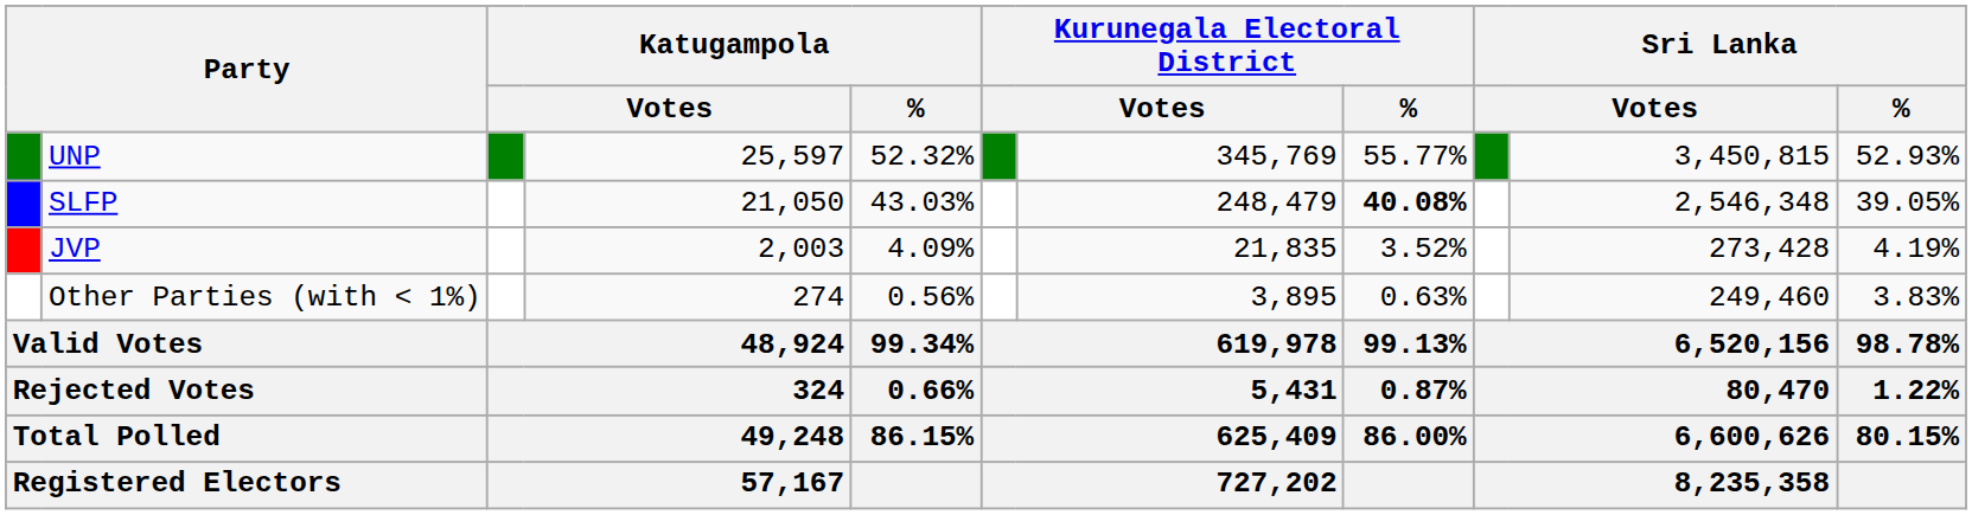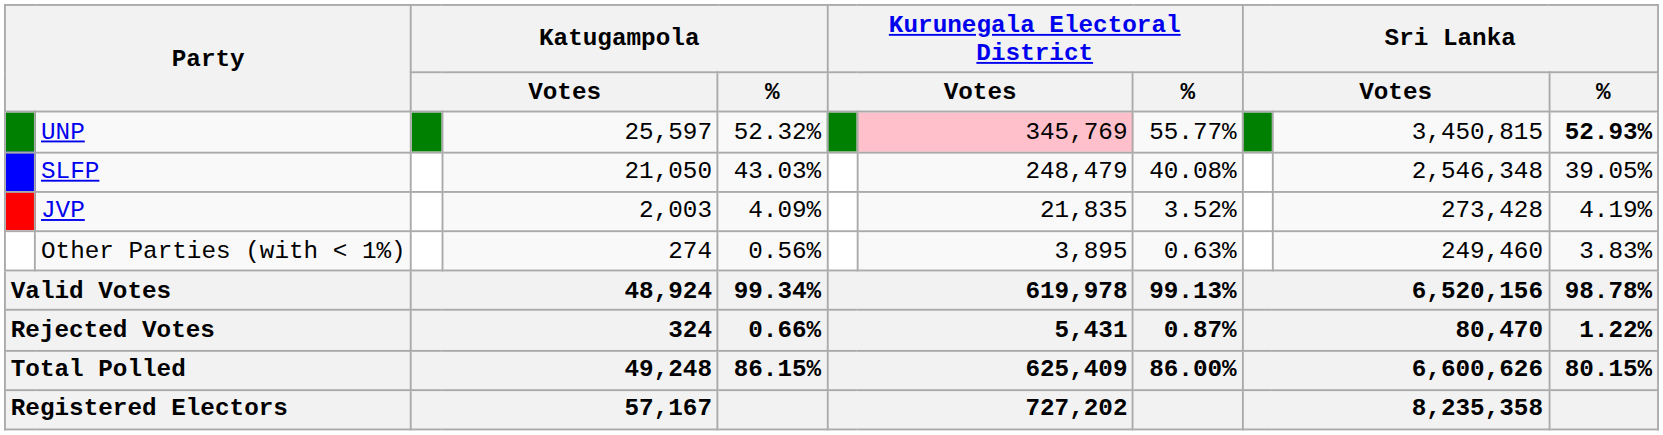 <table class="wikitable">
 <tr>
 <th colspan="2" width="144px"rowspan="2">Party</th>
 <th colspan="3" width="216px">Katugampola</th>
 <th colspan="3" width="216px"><a href='#'>Kurunegala Electoral District</a></th>
 <th colspan="3" width="216px">Sri Lanka</th>
 </tr>
 <tr>
 <th colspan="2" width="144px">Votes</th>
 <th>%</th>
 <th colspan="2" width="144px">Votes</th>
 <th>%</th>
 <th colspan="2" width="144px">Votes</th>
 <th>%</th>
 </tr>
 <tr>
 <td style="background-color:green;" width="10px"></td>
 <td style="text-align:left;"><a href='#'>UNP</a></td>
 <td style="background-color:green;" width="10px"></td>
 <td style="text-align:right;">25,597</td>
 <td style="text-align:right;">52.32%</td>
 <td style="background-color:green;" width="10px"></td>
-<td style="text-align:right;">345,769</td>
+<td style="background: pink; text-align:right;">345,769</td>
 <td style="text-align:right;">55.77%</td>
 <td style="background-color:green;" width="10px"></td>
 <td style="text-align:right;">3,450,815</td>
-<td style="text-align:right;">52.93%</td>
+<td style="text-align:right;"><strong>52.93%</strong></td>
 </tr>
 <tr>
 <td style="background-color:blue;" width="10px"></td>
 <td style="text-align:left;"><a href='#'>SLFP</a></td>
 <td style="background-color:white;" width="10px"></td>
 <td style="text-align:right;">21,050</td>
 <td style="text-align:right;">43.03%</td>
 <td style="background-color:white;" width="10px"></td>
 <td style="text-align:right;">248,479</td>
-<td style="text-align:right;"><strong>40.08%</strong></td>
+<td style="text-align:right;">40.08%</td>
 <td style="background-color:white;" width="10px"></td>
 <td style="text-align:right;">2,546,348</td>
 <td style="text-align:right;">39.05%</td>
 </tr>
 <tr>
 <td style="background-color:red;" width="10px"></td>
 <td style="text-align:left;"><a href='#'>JVP</a></td>
 <td style="background-color:white;" width="10px"></td>
 <td style="text-align:right;">2,003</td>
 <td style="text-align:right;">4.09%</td>
 <td style="background-color:white;" width="10px"></td>
 <td style="text-align:right;">21,835</td>
 <td style="text-align:right;">3.52%</td>
 <td style="background-color:white;" width="10px"></td>
 <td style="text-align:right;">273,428</td>
 <td style="text-align:right;">4.19%</td>
 </tr>
 <tr>
 <td style="background-color:white;" width="10px"></td>
 <td style="text-align:left;">Other Parties (with < 1%)</td>
 <td style="background-color:white;" width="10px"></td>
 <td style="text-align:right;">274</td>
 <td style="text-align:right;">0.56%</td>
 <td style="background-color:white;" width="10px"></td>
 <td style="text-align:right;">3,895</td>
 <td style="text-align:right;">0.63%</td>
 <td style="background-color:white;" width="10px"></td>
 <td style="text-align:right;">249,460</td>
 <td style="text-align:right;">3.83%</td>
 </tr>
 <tr>
 <th colspan="2" width="144px"style="text-align:left;">Valid Votes</th>
 <th style="text-align:right;"colspan="2" width="144px">48,924</th>
 <th style="text-align:right;">99.34%</th>
 <th style="text-align:right;"colspan="2" width="144px">619,978</th>
 <th style="text-align:right;">99.13%</th>
 <th style="text-align:right;"colspan="2" width="144px">6,520,156</th>
 <th style="text-align:right;">98.78%</th>
 </tr>
 <tr>
 <th colspan="2" width="144px"style="text-align:left;">Rejected Votes</th>
 <th style="text-align:right;"colspan="2" width="144px">324</th>
 <th style="text-align:right;">0.66%</th>
 <th style="text-align:right;"colspan="2" width="144px">5,431</th>
 <th style="text-align:right;">0.87%</th>
 <th style="text-align:right;"colspan="2" width="144px">80,470</th>
 <th style="text-align:right;">1.22%</th>
 </tr>
 <tr>
 <th colspan="2" width="144px"style="text-align:left;">Total Polled</th>
 <th style="text-align:right;"colspan="2" width="144px">49,248</th>
 <th style="text-align:right;">86.15%</th>
 <th style="text-align:right;"colspan="2" width="144px">625,409</th>
 <th style="text-align:right;">86.00%</th>
 <th style="text-align:right;"colspan="2" width="144px">6,600,626</th>
 <th style="text-align:right;">80.15%</th>
 </tr>
 <tr>
 <th colspan="2" width="144px"style="text-align:left;">Registered Electors</th>
 <th style="text-align:right;"colspan="2" width="144px">57,167</th>
 <th></th>
 <th style="text-align:right;"colspan="2" width="144px">727,202</th>
 <th></th>
 <th style="text-align:right;"colspan="2" width="144px">8,235,358</th>
 <th></th>
 </tr>
 </table>
